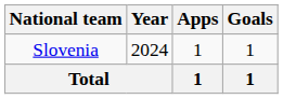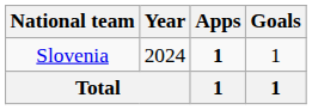 <table class="wikitable" style="text-align:center">
 <tr>
 <th>National team</th>
 <th>Year</th>
 <th>Apps</th>
 <th>Goals</th>
 </tr>
 <tr>
 <td><a href='#'>Slovenia</a></td>
 <td>2024</td>
-<td>1</td>
+<td><strong>1</strong></td>
 <td>1</td>
 </tr>
 <tr>
 <th colspan="2">Total</th>
 <th>1</th>
 <th>1</th>
 </tr>
 </table>
